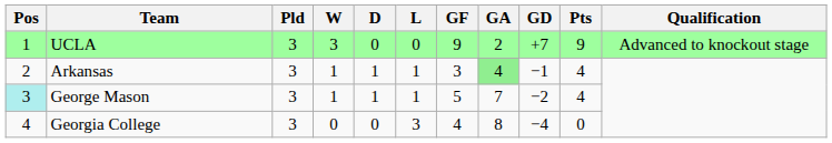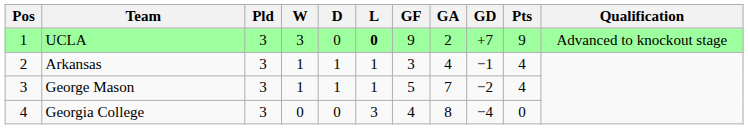 <table class="wikitable" style="text-align:center; margin: 1em auto">
 <tr>
 <th style="width:2em">Pos</th>
 <th style="width:13em">Team</th>
 <th style="width:2em">Pld</th>
 <th style="width:2em">W</th>
 <th style="width:2em">D</th>
 <th style="width:2em">L</th>
 <th style="width:2em">GF</th>
 <th style="width:2em">GA</th>
 <th style="width:2em">GD</th>
 <th style="width:2em">Pts</th>
 <th style="width:13em">Qualification</th>
 </tr>
 <tr bgcolor="#9eff9e">
 <td>1</td>
 <td style="text-align:left">UCLA</td>
 <td>3</td>
 <td>3</td>
 <td>0</td>
-<td>0</td>
+<td><strong>0</strong></td>
 <td>9</td>
 <td>2</td>
 <td>+7</td>
 <td>9</td>
 <td>Advanced to knockout stage</td>
 </tr>
 <tr>
 <td>2</td>
 <td style="text-align:left">Arkansas</td>
 <td>3</td>
 <td>1</td>
 <td>1</td>
 <td>1</td>
 <td>3</td>
-<td style="background: lightgreen;">4</td>
+<td>4</td>
 <td>−1</td>
 <td>4</td>
 </tr>
 <tr>
-<td style="background: paleturquoise;">3</td>
+<td>3</td>
 <td style="text-align:left">George Mason</td>
 <td>3</td>
 <td>1</td>
 <td>1</td>
 <td>1</td>
 <td>5</td>
 <td>7</td>
 <td>−2</td>
 <td>4</td>
 </tr>
 <tr>
 <td>4</td>
 <td style="text-align:left">Georgia College</td>
 <td>3</td>
 <td>0</td>
 <td>0</td>
 <td>3</td>
 <td>4</td>
 <td>8</td>
 <td>−4</td>
 <td>0</td>
 </tr>
 </table>
